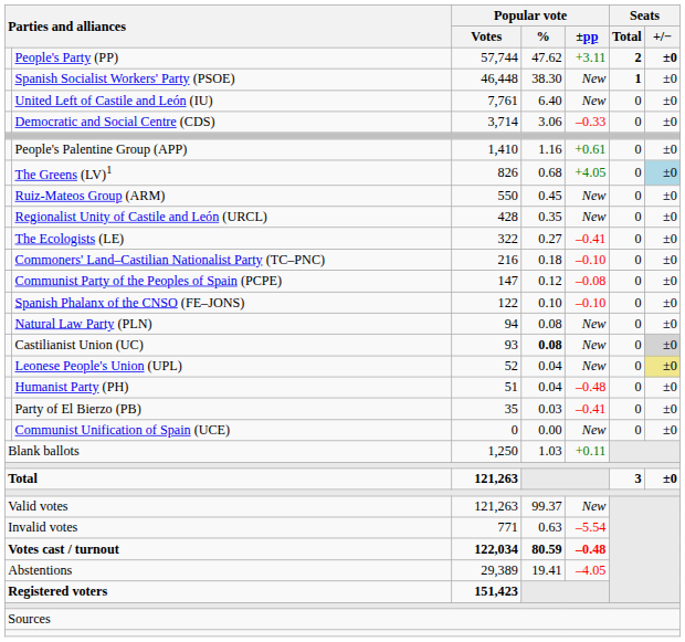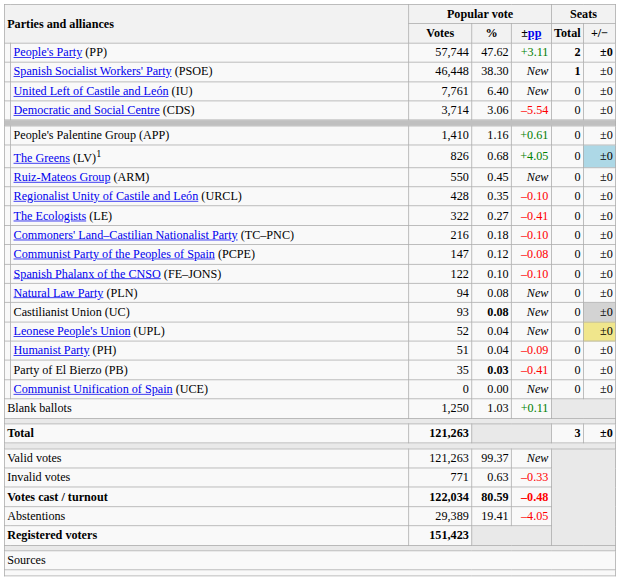 <table class="wikitable" style="text-align:right;">
 <tr>
 <th style="text-align:left;" rowspan="2" colspan="2" width="525">Parties and alliances</th>
 <th colspan="3">Popular vote</th>
 <th colspan="2">Seats</th>
 </tr>
 <tr>
 <th width="75">Votes</th>
 <th width="45">%</th>
 <th width="45">±<a href='#'>pp</a></th>
 <th width="35">Total</th>
 <th width="35">+/−</th>
 </tr>
 <tr>
 <td width="1" style="color:inherit;background:"></td>
 <td align="left"><a href='#'>People's Party</a> (PP)</td>
 <td>57,744</td>
 <td>47.62</td>
 <td style="color:green;">+3.11</td>
 <td><strong>2</strong></td>
 <td><strong>±0</strong></td>
 </tr>
 <tr>
 <td style="color:inherit;background:"></td>
 <td align="left"><a href='#'>Spanish Socialist Workers' Party</a> (PSOE)</td>
 <td>46,448</td>
 <td>38.30</td>
 <td><em>New</em></td>
 <td><strong>1</strong></td>
 <td>±0</td>
 </tr>
 <tr>
 <td style="color:inherit;background:"></td>
 <td align="left"><a href='#'>United Left of Castile and León</a> (IU)</td>
 <td>7,761</td>
 <td>6.40</td>
 <td><em>New</em></td>
 <td>0</td>
 <td>±0</td>
 </tr>
 <tr>
 <td style="color:inherit;background:"></td>
 <td align="left"><a href='#'>Democratic and Social Centre</a> (CDS)</td>
 <td>3,714</td>
 <td>3.06</td>
-<td style="color:red;">–0.33</td>
+<td style="color:red;">–5.54</td>
 <td>0</td>
 <td>±0</td>
 </tr>
 <tr>
 <td colspan="7" bgcolor="#C0C0C0"></td>
 </tr>
 <tr>
 <td style="color:inherit;background:"></td>
 <td align="left">People's Palentine Group (APP)</td>
 <td>1,410</td>
 <td>1.16</td>
 <td style="color:green;">+0.61</td>
 <td>0</td>
 <td>±0</td>
 </tr>
 <tr>
 <td style="color:inherit;background:"></td>
 <td align="left"><a href='#'>The Greens</a> (LV)<sup>1</sup></td>
 <td>826</td>
 <td>0.68</td>
 <td style="color:green;">+4.05</td>
 <td>0</td>
 <td style="background: lightblue;">±0</td>
 </tr>
 <tr>
 <td style="color:inherit;background:"></td>
 <td align="left"><a href='#'>Ruiz-Mateos Group</a> (ARM)</td>
 <td>550</td>
 <td>0.45</td>
 <td><em>New</em></td>
 <td>0</td>
 <td>±0</td>
 </tr>
 <tr>
 <td style="color:inherit;background:"></td>
 <td align="left"><a href='#'>Regionalist Unity of Castile and León</a> (URCL)</td>
 <td>428</td>
 <td>0.35</td>
-<td><em>New</em></td>
+<td style="color:red;">–0.10</td>
 <td>0</td>
 <td>±0</td>
 </tr>
 <tr>
 <td style="color:inherit;background:"></td>
 <td align="left"><a href='#'>The Ecologists</a> (LE)</td>
 <td>322</td>
 <td>0.27</td>
 <td style="color:red;">–0.41</td>
 <td>0</td>
 <td>±0</td>
 </tr>
 <tr>
 <td style="color:inherit;background:"></td>
 <td align="left"><a href='#'>Commoners' Land–Castilian Nationalist Party</a> (TC–PNC)</td>
 <td>216</td>
 <td>0.18</td>
 <td style="color:red;">–0.10</td>
 <td>0</td>
 <td>±0</td>
 </tr>
 <tr>
 <td style="color:inherit;background:"></td>
 <td align="left"><a href='#'>Communist Party of the Peoples of Spain</a> (PCPE)</td>
 <td>147</td>
 <td>0.12</td>
 <td style="color:red;">–0.08</td>
 <td>0</td>
 <td>±0</td>
 </tr>
 <tr>
 <td style="color:inherit;background:"></td>
 <td align="left"><a href='#'>Spanish Phalanx of the CNSO</a> (FE–JONS)</td>
 <td>122</td>
 <td>0.10</td>
 <td style="color:red;">–0.10</td>
 <td>0</td>
 <td>±0</td>
 </tr>
 <tr>
 <td style="color:inherit;background:"></td>
 <td align="left"><a href='#'>Natural Law Party</a> (PLN)</td>
 <td>94</td>
 <td>0.08</td>
 <td><em>New</em></td>
 <td>0</td>
 <td>±0</td>
 </tr>
 <tr>
 <td style="color:inherit;background:"></td>
 <td align="left">Castilianist Union (UC)</td>
 <td>93</td>
 <td><strong>0.08</strong></td>
 <td><em>New</em></td>
 <td>0</td>
 <td style="background: lightgrey;">±0</td>
 </tr>
 <tr>
 <td style="color:inherit;background:"></td>
 <td align="left"><a href='#'>Leonese People's Union</a> (UPL)</td>
 <td>52</td>
 <td>0.04</td>
 <td><em>New</em></td>
 <td>0</td>
 <td style="background: khaki;">±0</td>
 </tr>
 <tr>
 <td style="color:inherit;background:"></td>
 <td align="left"><a href='#'>Humanist Party</a> (PH)</td>
 <td>51</td>
 <td>0.04</td>
-<td style="color:red;">–0.48</td>
+<td style="color:red;">–0.09</td>
 <td>0</td>
 <td>±0</td>
 </tr>
 <tr>
 <td style="color:inherit;background:"></td>
 <td align="left">Party of El Bierzo (PB)</td>
 <td>35</td>
-<td>0.03</td>
+<td><strong>0.03</strong></td>
 <td style="color:red;">–0.41</td>
 <td>0</td>
 <td>±0</td>
 </tr>
 <tr>
 <td style="color:inherit;background:"></td>
 <td align="left"><a href='#'>Communist Unification of Spain</a> (UCE)</td>
 <td>0</td>
 <td>0.00</td>
 <td><em>New</em></td>
 <td>0</td>
 <td>±0</td>
 </tr>
 <tr>
 <td align="left" colspan="2">Blank ballots</td>
 <td>1,250</td>
 <td>1.03</td>
 <td style="color:green;">+0.11</td>
 <td bgcolor="#E9E9E9" colspan="2"></td>
 </tr>
 <tr>
 <td colspan="7" bgcolor="#E9E9E9"></td>
 </tr>
 <tr style="font-weight:bold;">
 <td align="left" colspan="2">Total</td>
 <td>121,263</td>
 <td bgcolor="#E9E9E9" colspan="2"></td>
 <td>3</td>
 <td>±0</td>
 </tr>
 <tr>
 <td colspan="7" bgcolor="#E9E9E9"></td>
 </tr>
 <tr>
 <td align="left" colspan="2">Valid votes</td>
 <td>121,263</td>
 <td>99.37</td>
 <td><em>New</em></td>
 <td bgcolor="#E9E9E9" colspan="2" rowspan="5"></td>
 </tr>
 <tr>
 <td align="left" colspan="2">Invalid votes</td>
 <td>771</td>
 <td>0.63</td>
-<td style="color:red;">–5.54</td>
+<td style="color:red;">–0.33</td>
 </tr>
 <tr style="font-weight:bold;">
 <td align="left" colspan="2">Votes cast / turnout</td>
 <td>122,034</td>
 <td>80.59</td>
 <td style="color:red;">–0.48</td>
 </tr>
 <tr>
 <td align="left" colspan="2">Abstentions</td>
 <td>29,389</td>
 <td>19.41</td>
 <td style="color:red;">–4.05</td>
 </tr>
 <tr style="font-weight:bold;">
 <td align="left" colspan="2">Registered voters</td>
 <td>151,423</td>
 <td bgcolor="#E9E9E9" colspan="2"></td>
 </tr>
 <tr>
 <td colspan="7" bgcolor="#E9E9E9"></td>
 </tr>
 <tr>
 <td align="left" colspan="7">Sources</td>
 </tr>
 <tr>
 <td colspan="7" style="text-align:left; max-width:790px;"></td>
 </tr>
 </table>
